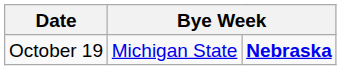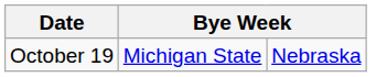 <table class="wikitable" style="font-size:95%;">
 <tr>
 <th>Date</th>
 <th colspan="2">Bye Week</th>
 </tr>
 <tr>
 <td>October 19</td>
 <td><a href='#'>Michigan State</a></td>
-<td><strong><a href='#'>Nebraska</a></strong></td>
+<td><a href='#'>Nebraska</a></td>
 </tr>
 </table>
